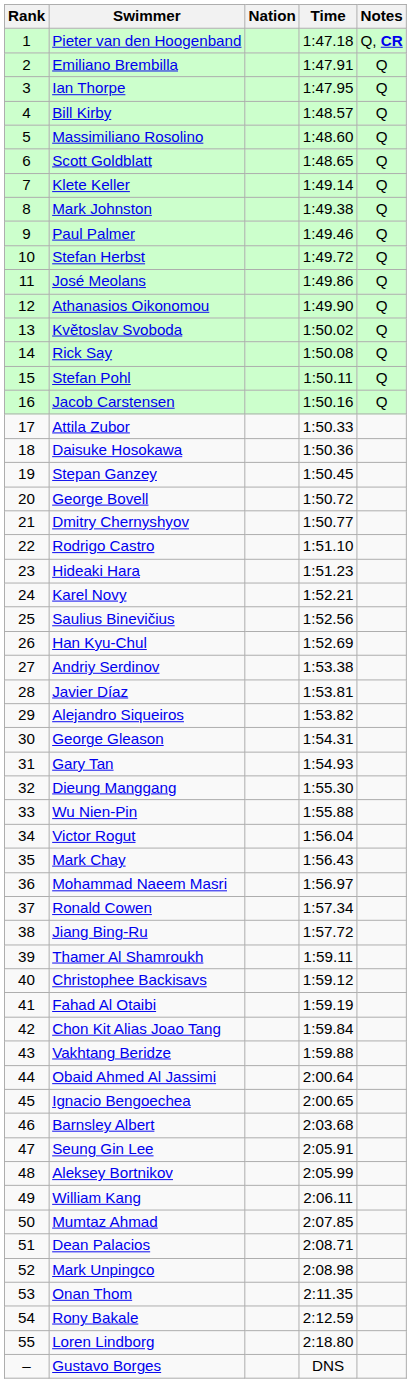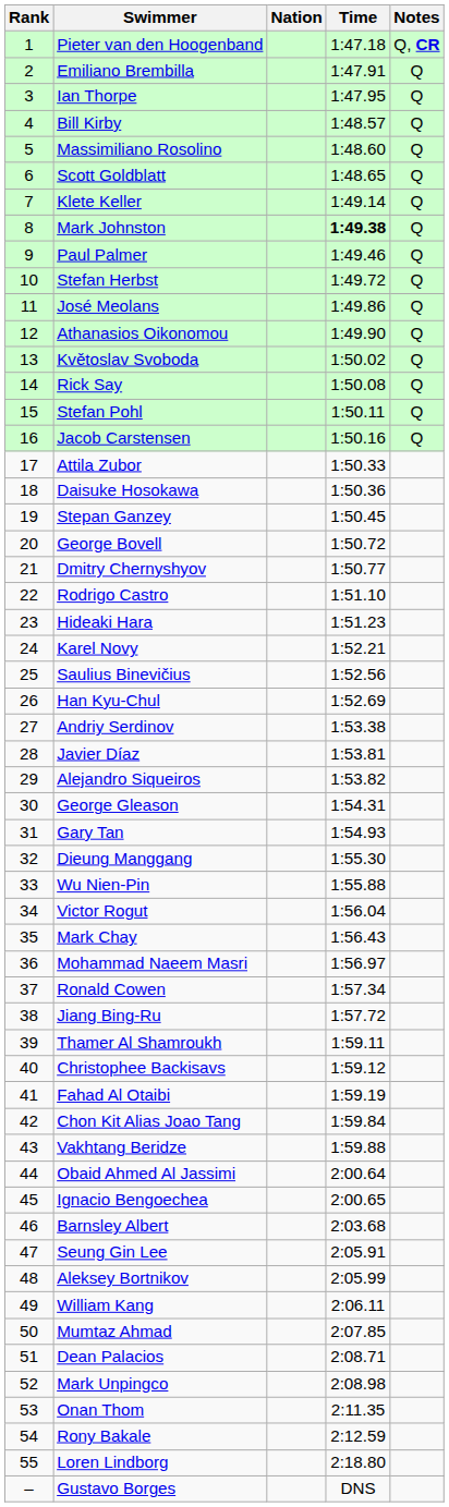 <table class="wikitable sortable" style="text-align:center">
 <tr>
 <th>Rank</th>
 <th>Swimmer</th>
 <th>Nation</th>
 <th>Time</th>
 <th>Notes</th>
 </tr>
 <tr bgcolor=ccffcc>
 <td>1</td>
 <td align=left><a href='#'>Pieter van den Hoogenband</a></td>
 <td align=left></td>
 <td>1:47.18</td>
 <td>Q, <strong><a href='#'>CR</a></strong></td>
 </tr>
 <tr bgcolor=ccffcc>
 <td>2</td>
 <td align=left><a href='#'>Emiliano Brembilla</a></td>
 <td align=left></td>
 <td>1:47.91</td>
 <td>Q</td>
 </tr>
 <tr bgcolor=ccffcc>
 <td>3</td>
 <td align=left><a href='#'>Ian Thorpe</a></td>
 <td align=left></td>
 <td>1:47.95</td>
 <td>Q</td>
 </tr>
 <tr bgcolor=ccffcc>
 <td>4</td>
 <td align=left><a href='#'>Bill Kirby</a></td>
 <td align=left></td>
 <td>1:48.57</td>
 <td>Q</td>
 </tr>
 <tr bgcolor=ccffcc>
 <td>5</td>
 <td align=left><a href='#'>Massimiliano Rosolino</a></td>
 <td align=left></td>
 <td>1:48.60</td>
 <td>Q</td>
 </tr>
 <tr bgcolor=ccffcc>
 <td>6</td>
 <td align=left><a href='#'>Scott Goldblatt</a></td>
 <td align=left></td>
 <td>1:48.65</td>
 <td>Q</td>
 </tr>
 <tr bgcolor=ccffcc>
 <td>7</td>
 <td align=left><a href='#'>Klete Keller</a></td>
 <td align=left></td>
 <td>1:49.14</td>
 <td>Q</td>
 </tr>
 <tr bgcolor=ccffcc>
 <td>8</td>
 <td align=left><a href='#'>Mark Johnston</a></td>
 <td align=left></td>
-<td>1:49.38</td>
+<td><strong>1:49.38</strong></td>
 <td>Q</td>
 </tr>
 <tr bgcolor=ccffcc>
 <td>9</td>
 <td align=left><a href='#'>Paul Palmer</a></td>
 <td align=left></td>
 <td>1:49.46</td>
 <td>Q</td>
 </tr>
 <tr bgcolor=ccffcc>
 <td>10</td>
 <td align=left><a href='#'>Stefan Herbst</a></td>
 <td align=left></td>
 <td>1:49.72</td>
 <td>Q</td>
 </tr>
 <tr bgcolor=ccffcc>
 <td>11</td>
 <td align=left><a href='#'>José Meolans</a></td>
 <td align=left></td>
 <td>1:49.86</td>
 <td>Q</td>
 </tr>
 <tr bgcolor=ccffcc>
 <td>12</td>
 <td align=left><a href='#'>Athanasios Oikonomou</a></td>
 <td align=left></td>
 <td>1:49.90</td>
 <td>Q</td>
 </tr>
 <tr bgcolor=ccffcc>
 <td>13</td>
 <td align=left><a href='#'>Květoslav Svoboda</a></td>
 <td align=left></td>
 <td>1:50.02</td>
 <td>Q</td>
 </tr>
 <tr bgcolor=ccffcc>
 <td>14</td>
 <td align=left><a href='#'>Rick Say</a></td>
 <td align=left></td>
 <td>1:50.08</td>
 <td>Q</td>
 </tr>
 <tr bgcolor=ccffcc>
 <td>15</td>
 <td align=left><a href='#'>Stefan Pohl</a></td>
 <td align=left></td>
 <td>1:50.11</td>
 <td>Q</td>
 </tr>
 <tr bgcolor=ccffcc>
 <td>16</td>
 <td align=left><a href='#'>Jacob Carstensen</a></td>
 <td align=left></td>
 <td>1:50.16</td>
 <td>Q</td>
 </tr>
 <tr>
 <td>17</td>
 <td align=left><a href='#'>Attila Zubor</a></td>
 <td align=left></td>
 <td>1:50.33</td>
 <td></td>
 </tr>
 <tr>
 <td>18</td>
 <td align=left><a href='#'>Daisuke Hosokawa</a></td>
 <td align=left></td>
 <td>1:50.36</td>
 <td></td>
 </tr>
 <tr>
 <td>19</td>
 <td align=left><a href='#'>Stepan Ganzey</a></td>
 <td align=left></td>
 <td>1:50.45</td>
 <td></td>
 </tr>
 <tr>
 <td>20</td>
 <td align=left><a href='#'>George Bovell</a></td>
 <td align=left></td>
 <td>1:50.72</td>
 <td></td>
 </tr>
 <tr>
 <td>21</td>
 <td align=left><a href='#'>Dmitry Chernyshyov</a></td>
 <td align=left></td>
 <td>1:50.77</td>
 <td></td>
 </tr>
 <tr>
 <td>22</td>
 <td align=left><a href='#'>Rodrigo Castro</a></td>
 <td align=left></td>
 <td>1:51.10</td>
 <td></td>
 </tr>
 <tr>
 <td>23</td>
 <td align=left><a href='#'>Hideaki Hara</a></td>
 <td align=left></td>
 <td>1:51.23</td>
 <td></td>
 </tr>
 <tr>
 <td>24</td>
 <td align=left><a href='#'>Karel Novy</a></td>
 <td align=left></td>
 <td>1:52.21</td>
 <td></td>
 </tr>
 <tr>
 <td>25</td>
 <td align=left><a href='#'>Saulius Binevičius</a></td>
 <td align=left></td>
 <td>1:52.56</td>
 <td></td>
 </tr>
 <tr>
 <td>26</td>
 <td align=left><a href='#'>Han Kyu-Chul</a></td>
 <td align=left></td>
 <td>1:52.69</td>
 <td></td>
 </tr>
 <tr>
 <td>27</td>
 <td align=left><a href='#'>Andriy Serdinov</a></td>
 <td align=left></td>
 <td>1:53.38</td>
 <td></td>
 </tr>
 <tr>
 <td>28</td>
 <td align=left><a href='#'>Javier Díaz</a></td>
 <td align=left></td>
 <td>1:53.81</td>
 <td></td>
 </tr>
 <tr>
 <td>29</td>
 <td align=left><a href='#'>Alejandro Siqueiros</a></td>
 <td align=left></td>
 <td>1:53.82</td>
 <td></td>
 </tr>
 <tr>
 <td>30</td>
 <td align=left><a href='#'>George Gleason</a></td>
 <td align=left></td>
 <td>1:54.31</td>
 <td></td>
 </tr>
 <tr>
 <td>31</td>
 <td align=left><a href='#'>Gary Tan</a></td>
 <td align=left></td>
 <td>1:54.93</td>
 <td></td>
 </tr>
 <tr>
 <td>32</td>
 <td align=left><a href='#'>Dieung Manggang</a></td>
 <td align=left></td>
 <td>1:55.30</td>
 <td></td>
 </tr>
 <tr>
 <td>33</td>
 <td align=left><a href='#'>Wu Nien-Pin</a></td>
 <td align=left></td>
 <td>1:55.88</td>
 <td></td>
 </tr>
 <tr>
 <td>34</td>
 <td align=left><a href='#'>Victor Rogut</a></td>
 <td align=left></td>
 <td>1:56.04</td>
 <td></td>
 </tr>
 <tr>
 <td>35</td>
 <td align=left><a href='#'>Mark Chay</a></td>
 <td align=left></td>
 <td>1:56.43</td>
 <td></td>
 </tr>
 <tr>
 <td>36</td>
 <td align=left><a href='#'>Mohammad Naeem Masri</a></td>
 <td align=left></td>
 <td>1:56.97</td>
 <td></td>
 </tr>
 <tr>
 <td>37</td>
 <td align=left><a href='#'>Ronald Cowen</a></td>
 <td align=left></td>
 <td>1:57.34</td>
 <td></td>
 </tr>
 <tr>
 <td>38</td>
 <td align=left><a href='#'>Jiang Bing-Ru</a></td>
 <td align=left></td>
 <td>1:57.72</td>
 <td></td>
 </tr>
 <tr>
 <td>39</td>
 <td align=left><a href='#'>Thamer Al Shamroukh</a></td>
 <td align=left></td>
 <td>1:59.11</td>
 <td></td>
 </tr>
 <tr>
 <td>40</td>
 <td align=left><a href='#'>Christophee Backisavs</a></td>
 <td align=left></td>
 <td>1:59.12</td>
 <td></td>
 </tr>
 <tr>
 <td>41</td>
 <td align=left><a href='#'>Fahad Al Otaibi</a></td>
 <td align=left></td>
 <td>1:59.19</td>
 <td></td>
 </tr>
 <tr>
 <td>42</td>
 <td align=left><a href='#'>Chon Kit Alias Joao Tang</a></td>
 <td align=left></td>
 <td>1:59.84</td>
 <td></td>
 </tr>
 <tr>
 <td>43</td>
 <td align=left><a href='#'>Vakhtang Beridze</a></td>
 <td align=left></td>
 <td>1:59.88</td>
 <td></td>
 </tr>
 <tr>
 <td>44</td>
 <td align=left><a href='#'>Obaid Ahmed Al Jassimi</a></td>
 <td align=left></td>
 <td>2:00.64</td>
 <td></td>
 </tr>
 <tr>
 <td>45</td>
 <td align=left><a href='#'>Ignacio Bengoechea</a></td>
 <td align=left></td>
 <td>2:00.65</td>
 <td></td>
 </tr>
 <tr>
 <td>46</td>
 <td align=left><a href='#'>Barnsley Albert</a></td>
 <td align=left></td>
 <td>2:03.68</td>
 <td></td>
 </tr>
 <tr>
 <td>47</td>
 <td align=left><a href='#'>Seung Gin Lee</a></td>
 <td align=left></td>
 <td>2:05.91</td>
 <td></td>
 </tr>
 <tr>
 <td>48</td>
 <td align=left><a href='#'>Aleksey Bortnikov</a></td>
 <td align=left></td>
 <td>2:05.99</td>
 <td></td>
 </tr>
 <tr>
 <td>49</td>
 <td align=left><a href='#'>William Kang</a></td>
 <td align=left></td>
 <td>2:06.11</td>
 <td></td>
 </tr>
 <tr>
 <td>50</td>
 <td align=left><a href='#'>Mumtaz Ahmad</a></td>
 <td align=left></td>
 <td>2:07.85</td>
 <td></td>
 </tr>
 <tr>
 <td>51</td>
 <td align=left><a href='#'>Dean Palacios</a></td>
 <td align=left></td>
 <td>2:08.71</td>
 <td></td>
 </tr>
 <tr>
 <td>52</td>
 <td align=left><a href='#'>Mark Unpingco</a></td>
 <td align=left></td>
 <td>2:08.98</td>
 <td></td>
 </tr>
 <tr>
 <td>53</td>
 <td align=left><a href='#'>Onan Thom</a></td>
 <td align=left></td>
 <td>2:11.35</td>
 <td></td>
 </tr>
 <tr>
 <td>54</td>
 <td align=left><a href='#'>Rony Bakale</a></td>
 <td align=left></td>
 <td>2:12.59</td>
 <td></td>
 </tr>
 <tr>
 <td>55</td>
 <td align=left><a href='#'>Loren Lindborg</a></td>
 <td align=left></td>
 <td>2:18.80</td>
 <td></td>
 </tr>
 <tr>
 <td>–</td>
 <td align=left><a href='#'>Gustavo Borges</a></td>
 <td align=left></td>
 <td>DNS</td>
 <td></td>
 </tr>
 </table>
